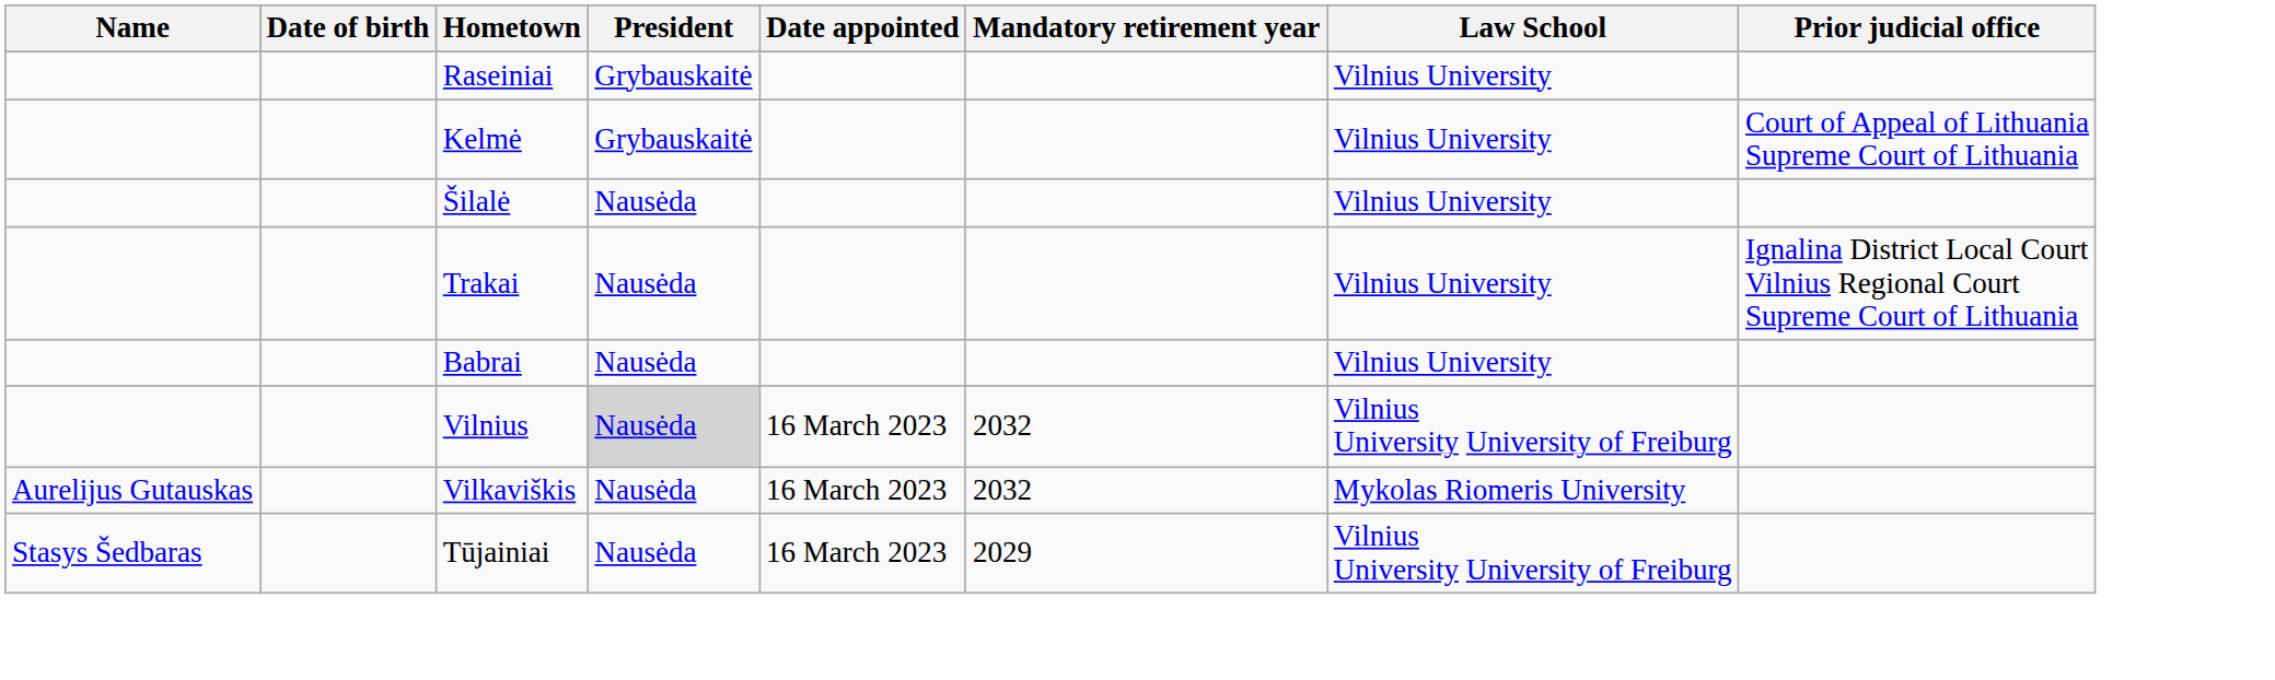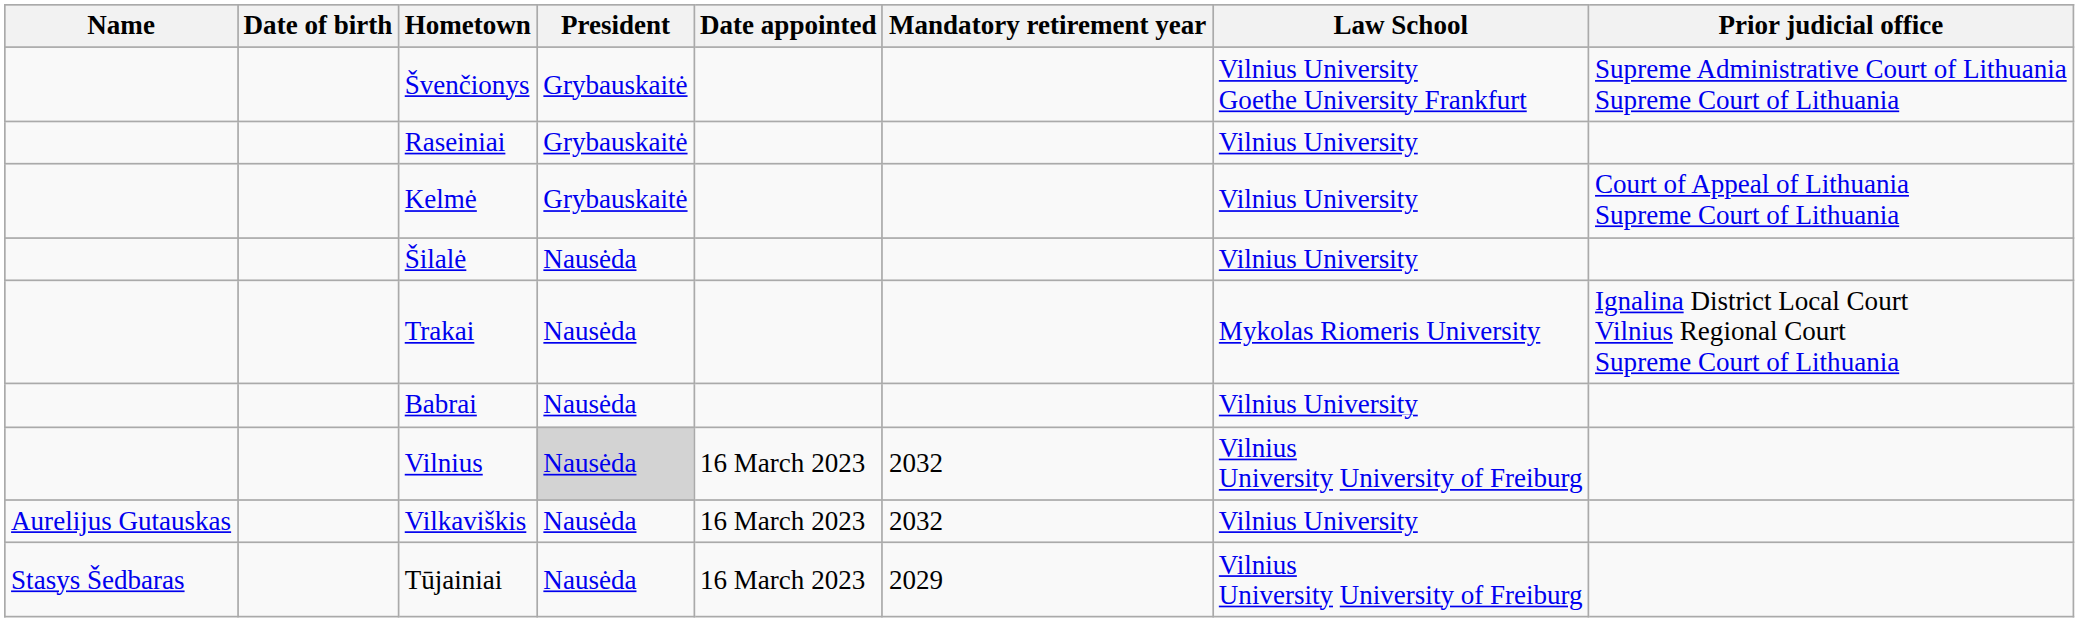 <table class="wikitable sortable">
 <tr>
 <th>Name</th>
 <th>Date of birth</th>
 <th>Hometown</th>
 <th>President</th>
 <th>Date appointed</th>
 <th>Mandatory retirement year</th>
 <th>Law School</th>
 <th>Prior judicial office</th>
+</tr>
+<tr>
+<td></td>
+<td></td>
+<td><a href='#'>Švenčionys</a></td>
+<td><a href='#'>Grybauskaitė</a></td>
+<td></td>
+<td></td>
+<td><a href='#'>Vilnius University</a><br><a href='#'>Goethe University Frankfurt</a></td>
+<td><a href='#'>Supreme Administrative Court of Lithuania</a><br><a href='#'>Supreme Court of Lithuania</a></td>
 </tr>
 <tr>
 <td></td>
 <td></td>
 <td><a href='#'>Raseiniai</a></td>
 <td><a href='#'>Grybauskaitė</a></td>
 <td></td>
 <td></td>
 <td><a href='#'>Vilnius University</a></td>
 <td></td>
 </tr>
 <tr>
 <td></td>
 <td></td>
 <td><a href='#'>Kelmė</a></td>
 <td><a href='#'>Grybauskaitė</a></td>
 <td></td>
 <td></td>
 <td><a href='#'>Vilnius University</a></td>
 <td><a href='#'>Court of Appeal of Lithuania</a><br><a href='#'>Supreme Court of Lithuania</a></td>
 </tr>
 <tr>
 <td></td>
 <td></td>
 <td><a href='#'>Šilalė</a></td>
 <td><a href='#'>Nausėda</a></td>
 <td></td>
 <td></td>
 <td><a href='#'>Vilnius University</a></td>
 <td></td>
 </tr>
 <tr>
 <td></td>
 <td></td>
 <td><a href='#'>Trakai</a></td>
 <td><a href='#'>Nausėda</a></td>
 <td></td>
 <td></td>
-<td><a href='#'>Vilnius University</a></td>
+<td><a href='#'>Mykolas Riomeris University</a></td>
 <td><a href='#'>Ignalina</a> District Local Court<br><a href='#'>Vilnius</a> Regional Court<br><a href='#'>Supreme Court of Lithuania</a></td>
 </tr>
 <tr>
 <td></td>
 <td></td>
 <td><a href='#'>Babrai</a></td>
 <td><a href='#'>Nausėda</a></td>
 <td></td>
 <td></td>
 <td><a href='#'>Vilnius University</a></td>
 <td></td>
 </tr>
 <tr>
 <td></td>
 <td></td>
 <td><a href='#'>Vilnius</a></td>
 <td style="background: lightgrey;"><a href='#'>Nausėda</a></td>
 <td>16 March 2023</td>
 <td>2032</td>
 <td><a href='#'>Vilnius</a><br><a href='#'>University</a> <a href='#'>University of Freiburg</a></td>
 <td></td>
 </tr>
 <tr>
 <td><a href='#'>Aurelijus Gutauskas</a></td>
 <td></td>
 <td><a href='#'>Vilkaviškis</a></td>
 <td><a href='#'>Nausėda</a></td>
 <td>16 March 2023</td>
 <td>2032</td>
-<td><a href='#'>Mykolas Riomeris University</a></td>
+<td><a href='#'>Vilnius University</a></td>
 <td></td>
 </tr>
 <tr>
 <td><a href='#'>Stasys Šedbaras</a></td>
 <td></td>
 <td>Tūjainiai</td>
 <td><a href='#'>Nausėda</a></td>
 <td>16 March 2023</td>
 <td>2029</td>
 <td><a href='#'>Vilnius</a><br><a href='#'>University</a> <a href='#'>University of Freiburg</a></td>
 <td></td>
 </tr>
 </table>
